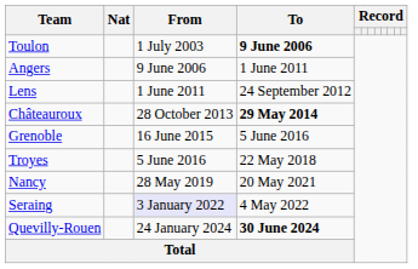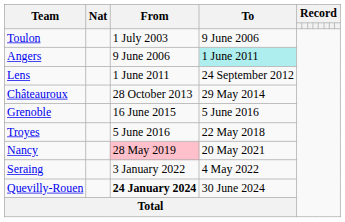 <table class=wikitable style="text-align: center">
 <tr>
 <th rowspan="2">Team</th>
 <th rowspan="2">Nat</th>
 <th rowspan="2">From</th>
 <th rowspan="2">To</th>
 <th colspan="8">Record</th>
 </tr>
 <tr>
 <th></th>
 <th></th>
 <th></th>
 <th></th>
 <th></th>
 <th></th>
 <th></th>
 <th></th>
 </tr>
 <tr>
 <td align=left><a href='#'>Toulon</a></td>
 <td></td>
 <td align=left>1 July 2003</td>
-<td align=left><strong>9 June 2006<br></strong></td>
+<td align=left>9 June 2006<br></td>
 </tr>
 <tr>
 <td align=left><a href='#'>Angers</a></td>
 <td></td>
 <td align=left>9 June 2006</td>
-<td align=left>1 June 2011<br></td>
+<td align=left style="background: paleturquoise;">1 June 2011<br></td>
 </tr>
 <tr>
 <td align=left><a href='#'>Lens</a></td>
 <td></td>
 <td align=left>1 June 2011</td>
 <td align=left>24 September 2012<br></td>
 </tr>
 <tr>
 <td align=left><a href='#'>Châteauroux</a></td>
 <td></td>
 <td align=left>28 October 2013</td>
-<td align=left><strong>29 May 2014<br></strong></td>
+<td align=left>29 May 2014<br></td>
 </tr>
 <tr>
 <td align=left><a href='#'>Grenoble</a></td>
 <td></td>
 <td align=left>16 June 2015</td>
 <td align=left>5 June 2016<br></td>
 </tr>
 <tr>
 <td align=left><a href='#'>Troyes</a></td>
 <td></td>
 <td align=left>5 June 2016</td>
 <td align=left>22 May 2018<br></td>
 </tr>
 <tr>
 <td align=left><a href='#'>Nancy</a></td>
 <td></td>
-<td align=left>28 May 2019</td>
+<td align=left style="background: pink;">28 May 2019</td>
 <td align=left>20 May 2021<br></td>
 </tr>
 <tr>
 <td align=left><a href='#'>Seraing</a></td>
 <td></td>
-<td align=left style="background: lavender;">3 January 2022</td>
+<td align=left>3 January 2022</td>
 <td align=left>4 May 2022<br></td>
 </tr>
 <tr>
 <td align=left><a href='#'>Quevilly-Rouen</a></td>
 <td></td>
-<td align=left>24 January 2024</td>
-<td align=left><strong>30 June 2024<br></strong></td>
+<td align=left><strong>24 January 2024</strong></td>
+<td align=left>30 June 2024<br></td>
 </tr>
 <tr>
 <th colspan=4>Total<br></th>
 </tr>
 </table>
